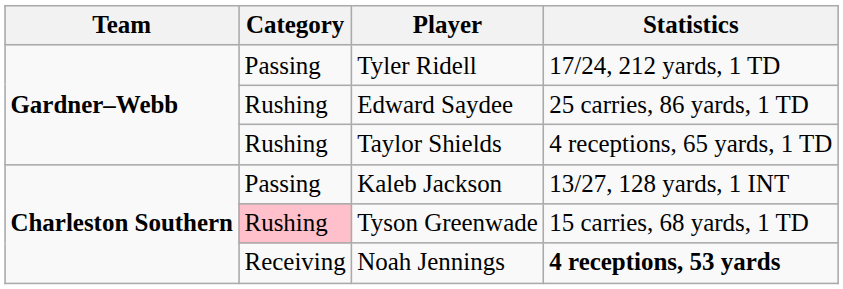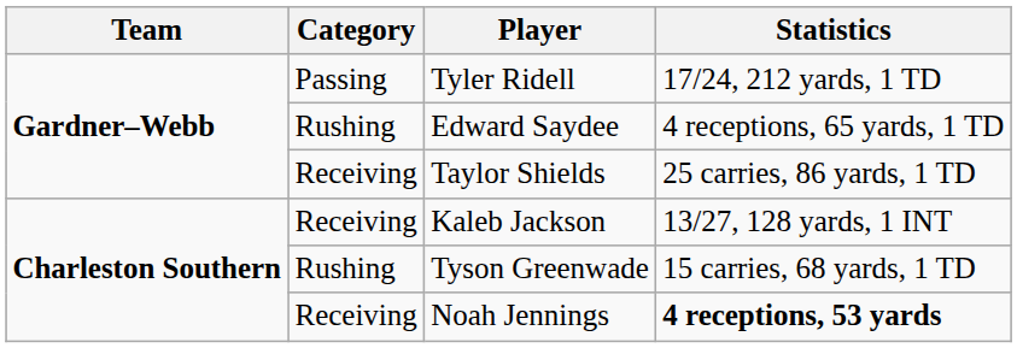 <table class="wikitable" style="float: right;">
 <tr>
 <th>Team</th>
 <th>Category</th>
 <th>Player</th>
 <th>Statistics</th>
 </tr>
 <tr>
 <td rowspan=3><strong>Gardner–Webb</strong></td>
 <td>Passing</td>
 <td>Tyler Ridell</td>
 <td>17/24, 212 yards, 1 TD</td>
 </tr>
 <tr>
 <td>Rushing</td>
 <td>Edward Saydee</td>
+<td>4 receptions, 65 yards, 1 TD</td>
+</tr>
+<tr>
+<td>Receiving</td>
+<td>Taylor Shields</td>
 <td>25 carries, 86 yards, 1 TD</td>
 </tr>
 <tr>
-<td>Rushing</td>
-<td>Taylor Shields</td>
-<td>4 receptions, 65 yards, 1 TD</td>
-</tr>
-<tr>
 <td rowspan=3><strong>Charleston Southern</strong></td>
-<td>Passing</td>
+<td>Receiving</td>
 <td>Kaleb Jackson</td>
 <td>13/27, 128 yards, 1 INT</td>
 </tr>
 <tr>
-<td style="background: pink;">Rushing</td>
+<td>Rushing</td>
 <td>Tyson Greenwade</td>
 <td>15 carries, 68 yards, 1 TD</td>
 </tr>
 <tr>
 <td>Receiving</td>
 <td>Noah Jennings</td>
 <td><strong>4 receptions, 53 yards</strong></td>
 </tr>
 </table>
